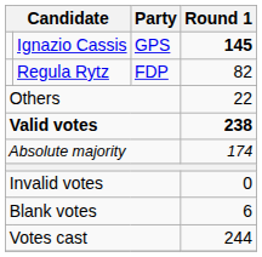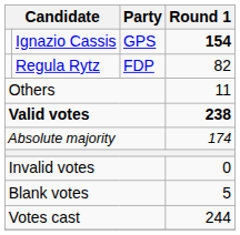 <table class="wikitable" style="text-align:right;">
 <tr>
 <th colspan=2>Candidate</th>
 <th>Party</th>
 <th>Round 1</th>
 </tr>
 <tr>
 <td style="background-color:"></td>
 <td style="text-align:left;"><a href='#'>Ignazio Cassis</a></td>
 <td style="text-align:left;"><a href='#'>GPS</a></td>
-<td><strong>145</strong></td>
+<td><strong>154</strong></td>
 </tr>
 <tr>
 <td style="background-color:"></td>
 <td style="text-align:left;"><a href='#'>Regula Rytz</a></td>
 <td style="text-align:left;"><a href='#'>FDP</a></td>
 <td>82</td>
 </tr>
 <tr>
 <td colspan=3 style="text-align:left;">Others</td>
-<td>22</td>
+<td>11</td>
 </tr>
 <tr style="font-weight:bold;">
 <td colspan=3 style="text-align:left;">Valid votes</td>
 <td>238</td>
 </tr>
 <tr style="font-style:italic; font-size:90%;">
 <td colspan=3 style="text-align:left;">Absolute majority</td>
 <td>174</td>
 </tr>
 <tr>
 <th colspan=10></th>
 </tr>
 <tr>
 <td colspan=3 style="text-align:left;">Invalid votes</td>
 <td>0</td>
 </tr>
 <tr>
 <td colspan=3 style="text-align:left;">Blank votes</td>
-<td>6</td>
+<td>5</td>
 </tr>
 <tr>
 <td colspan=3 style="text-align:left;">Votes cast</td>
 <td>244</td>
 </tr>
 <tr>
 </tr>
 </table>
